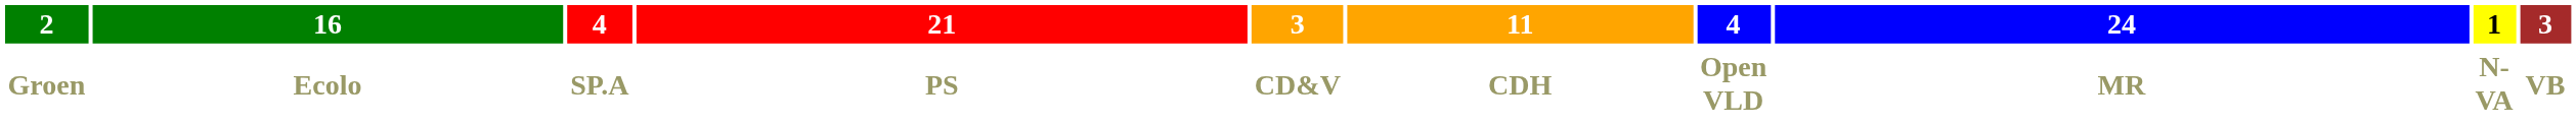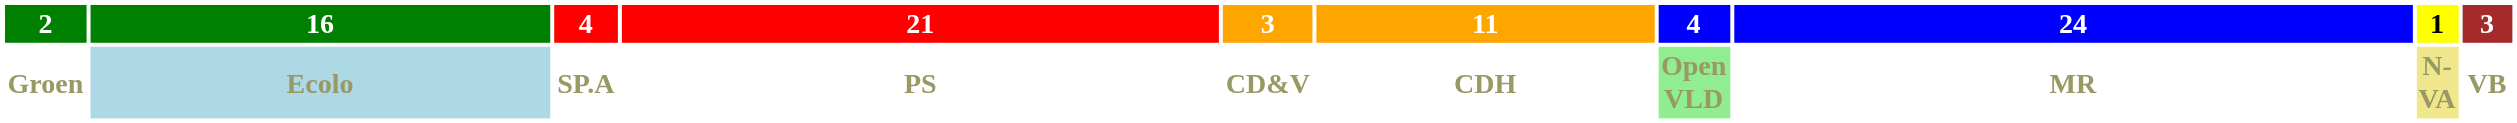 <table style="width:100%; font-size:88%; text-align:center;">
 <tr style="font-weight:bold">
 <td style="background:green; width:1.26%; color:white">2</td>
 <td style="background:green; width:17.94%; color:white">16</td>
 <td style="background:red; width:2.19%; color:white">4</td>
 <td style="background:red; width:23.29%; color:white">21</td>
 <td style="background:orange; width:1.67%; color:white">3</td>
 <td style="background:orange; width:13.14%; color:white">11</td>
 <td style="background:blue; width:2.60%; color:white">4</td>
 <td style="background:blue; width:26.46%; color:white">24</td>
 <td style="background:yellow; width:0.56%; color:black">1</td>
 <td style="background:brown; width:1.97%; color:white">3</td>
 </tr>
 <tr style="font-weight:bold; color:#996;">
 <td>Groen</td>
-<td>Ecolo</td>
+<td style="background: lightblue;">Ecolo</td>
 <td>SP.A</td>
 <td>PS</td>
 <td>CD&V</td>
 <td>CDH</td>
-<td>Open VLD</td>
+<td style="background: lightgreen;">Open VLD</td>
 <td>MR</td>
-<td>N-VA</td>
+<td style="background: khaki;">N-VA</td>
 <td>VB</td>
 </tr>
 </table>
